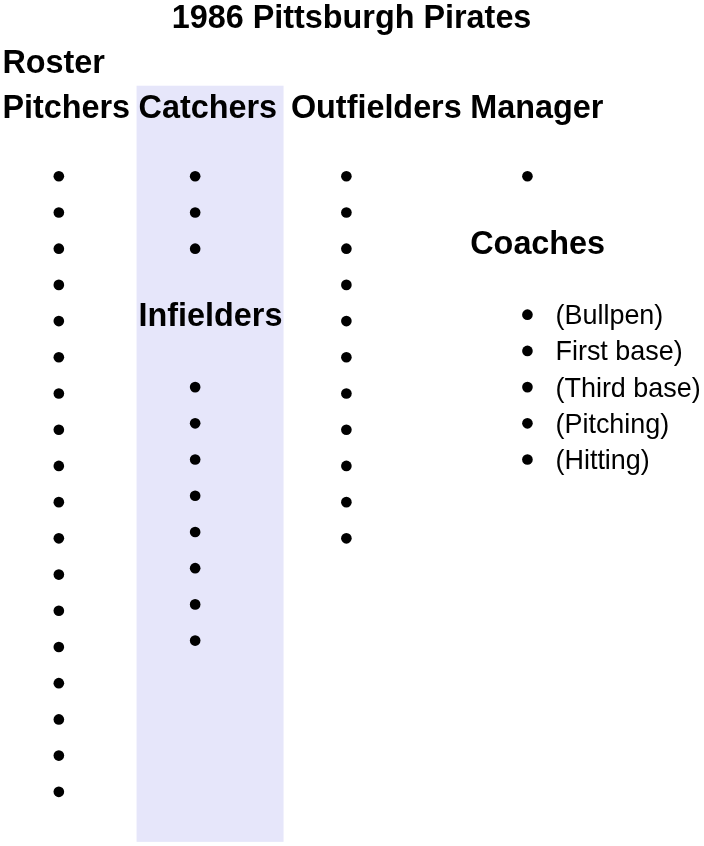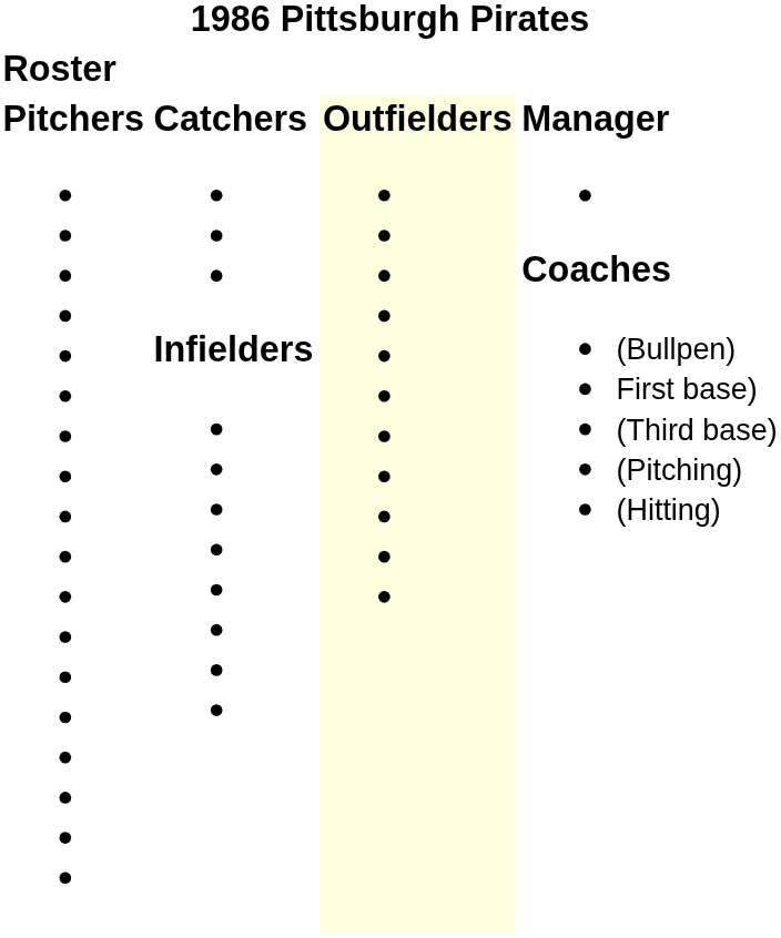 <table class="toccolours" style="font-size: 95%;">
 <tr>
 <th colspan="10" style=>1986 Pittsburgh Pirates</th>
 </tr>
 <tr>
 <td colspan="10"><strong>Roster</strong></td>
 </tr>
 <tr>
 <td valign="top"><strong>Pitchers</strong><br><ul><li></li><li></li><li></li><li></li><li></li><li></li><li></li><li></li><li></li><li></li><li></li><li></li><li></li><li></li><li></li><li></li><li></li><li></li></ul></td>
-<td valign="top" style="background: lavender;"><strong>Catchers</strong><br><ul><li></li><li></li><li></li></ul><strong>Infielders</strong><ul><li></li><li></li><li></li><li></li><li></li><li></li><li></li><li></li></ul></td>
-<td valign="top"><strong>Outfielders</strong><br><ul><li></li><li></li><li></li><li></li><li></li><li></li><li></li><li></li><li></li><li></li><li></li></ul></td>
+<td valign="top"><strong>Catchers</strong><br><ul><li></li><li></li><li></li></ul><strong>Infielders</strong><ul><li></li><li></li><li></li><li></li><li></li><li></li><li></li><li></li></ul></td>
+<td valign="top" style="background: lightyellow;"><strong>Outfielders</strong><br><ul><li></li><li></li><li></li><li></li><li></li><li></li><li></li><li></li><li></li><li></li><li></li></ul></td>
 <td valign="top"><strong>Manager</strong><br><ul><li></li></ul><strong>Coaches</strong><ul><li> <small>(Bullpen)</small></li><li> <small>First base)</small></li><li> <small>(Third base)</small></li><li> <small>(Pitching)</small></li><li> <small>(Hitting)</small></li></ul></td>
 </tr>
 </table>
